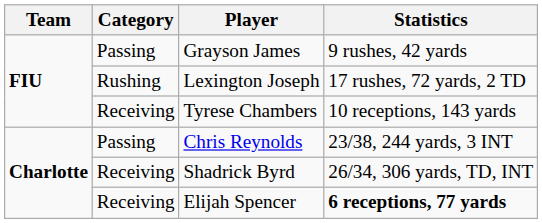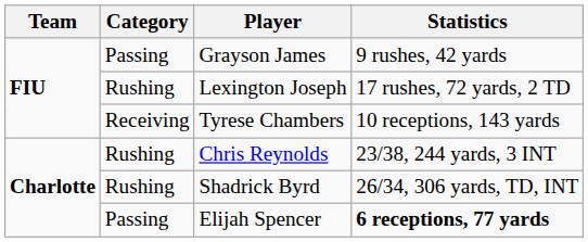 <table class="wikitable" style="float: left;">
 <tr>
 <th>Team</th>
 <th>Category</th>
 <th>Player</th>
 <th>Statistics</th>
 </tr>
 <tr>
 <td rowspan=3><strong>FIU</strong></td>
 <td>Passing</td>
 <td>Grayson James</td>
 <td>9 rushes, 42 yards</td>
 </tr>
 <tr>
 <td>Rushing</td>
 <td>Lexington Joseph</td>
 <td>17 rushes, 72 yards, 2 TD</td>
 </tr>
 <tr>
 <td>Receiving</td>
 <td>Tyrese Chambers</td>
 <td>10 receptions, 143 yards</td>
 </tr>
 <tr>
 <td rowspan=3><strong>Charlotte</strong></td>
-<td>Passing</td>
+<td>Rushing</td>
 <td><a href='#'>Chris Reynolds</a></td>
 <td>23/38, 244 yards, 3 INT</td>
 </tr>
 <tr>
-<td>Receiving</td>
+<td>Rushing</td>
 <td>Shadrick Byrd</td>
 <td>26/34, 306 yards, TD, INT</td>
 </tr>
 <tr>
-<td>Receiving</td>
+<td>Passing</td>
 <td>Elijah Spencer</td>
 <td><strong>6 receptions, 77 yards</strong></td>
 </tr>
 </table>
